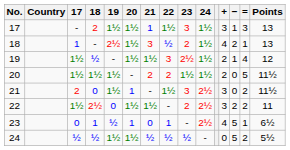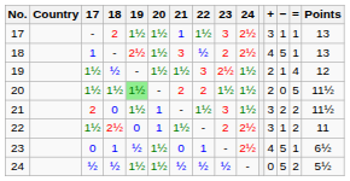 <table class="wikitable" style="text-align:center">
 <tr>
 <th>No.</th>
 <th>Country</th>
 <th>17</th>
 <th>18</th>
 <th>19</th>
 <th>20</th>
 <th>21</th>
 <th>22</th>
 <th>23</th>
 <th>24</th>
 <th></th>
 <th>+</th>
 <th>−</th>
 <th>=</th>
 <th>Points</th>
 </tr>
 <tr>
 <td>17</td>
 <td style="text-align: left"></td>
 <td>-</td>
 <td style="color:red;">2</td>
 <td style="color:green;">1½</td>
 <td style="color:green;">1½</td>
 <td style="color:blue;">1</td>
 <td style="color:green;">1½</td>
 <td style="color:red;">3</td>
-<td style="color:green;">1½</td>
+<td style="color:red;">2½</td>
 <th></th>
 <td>3</td>
 <td>1</td>
-<td>3</td>
+<td>1</td>
 <td>13</td>
 </tr>
 <tr>
 <td>18</td>
 <td style="text-align: left"></td>
 <td style="color:blue;">1</td>
 <td>-</td>
 <td style="color:red;">2½</td>
 <td style="color:green;">1½</td>
 <td style="color:red;">3</td>
 <td style="color:blue;">½</td>
 <td style="color:red;">2</td>
-<td style="color:green;">1½</td>
+<td style="color:red;">2½</td>
 <th></th>
 <td>4</td>
-<td>2</td>
+<td>5</td>
 <td>1</td>
 <td>13</td>
 </tr>
 <tr>
 <td>19</td>
 <td style="text-align: left"></td>
 <td style="color:green;">1½</td>
 <td style="color:blue;">½</td>
 <td>-</td>
 <td style="color:green;">1½</td>
 <td style="color:green;">1½</td>
 <td style="color:red;">3</td>
 <td style="color:red;">2½</td>
 <td style="color:green;">1½</td>
 <th></th>
 <td>2</td>
 <td>1</td>
 <td>4</td>
 <td>12</td>
 </tr>
 <tr>
 <td>20</td>
 <td style="text-align: left"></td>
 <td style="color:green;">1½</td>
 <td style="color:green;">1½</td>
-<td style="color:green;">1½</td>
+<td style="background: lightgreen; color:green;">1½</td>
 <td>-</td>
 <td style="color:red;">2</td>
 <td style="color:red;">2</td>
 <td style="color:green;">1½</td>
 <td style="color:green;">1½</td>
 <th></th>
 <td>2</td>
 <td>0</td>
 <td>5</td>
 <td>11½</td>
 </tr>
 <tr>
 <td>21</td>
 <td style="text-align: left"></td>
 <td style="color:red;">2</td>
 <td style="color:blue;">0</td>
 <td style="color:green;">1½</td>
 <td style="color:blue;">1</td>
 <td>-</td>
 <td style="color:green;">1½</td>
 <td style="color:red;">3</td>
-<td style="color:red;">2½</td>
+<td style="color:green;">1½</td>
 <th></th>
 <td>3</td>
-<td>0</td>
+<td>2</td>
 <td>2</td>
 <td>11½</td>
 </tr>
 <tr>
 <td>22</td>
 <td style="text-align: left"></td>
 <td style="color:green;">1½</td>
 <td style="color:red;">2½</td>
 <td style="color:blue;">0</td>
-<td style="color:green;">1½</td>
+<td style="color:blue;">1</td>
 <td style="color:green;">1½</td>
 <td>-</td>
 <td style="color:red;">2</td>
 <td style="color:red;">2½</td>
 <th></th>
 <td>3</td>
-<td>2</td>
+<td>1</td>
 <td>2</td>
 <td>11</td>
 </tr>
 <tr>
 <td>23</td>
 <td style="text-align: left"></td>
 <td style="color:blue;">0</td>
 <td style="color:blue;">1</td>
 <td style="color:blue;">½</td>
-<td style="color:blue;">1</td>
+<td style="color:green;">1½</td>
 <td style="color:blue;">0</td>
 <td style="color:blue;">1</td>
 <td>-</td>
 <td style="color:red;">2½</td>
 <th></th>
 <td>4</td>
 <td>5</td>
 <td>1</td>
 <td>6½</td>
 </tr>
 <tr>
 <td>24</td>
 <td style="text-align: left"></td>
 <td style="color:blue;">½</td>
 <td style="color:blue;">½</td>
 <td style="color:green;">1½</td>
 <td style="color:green;">1½</td>
 <td style="color:blue;">½</td>
 <td style="color:blue;">½</td>
 <td style="color:blue;">½</td>
 <td>-</td>
 <th></th>
 <td>0</td>
 <td>5</td>
 <td>2</td>
 <td>5½</td>
 </tr>
 </table>
